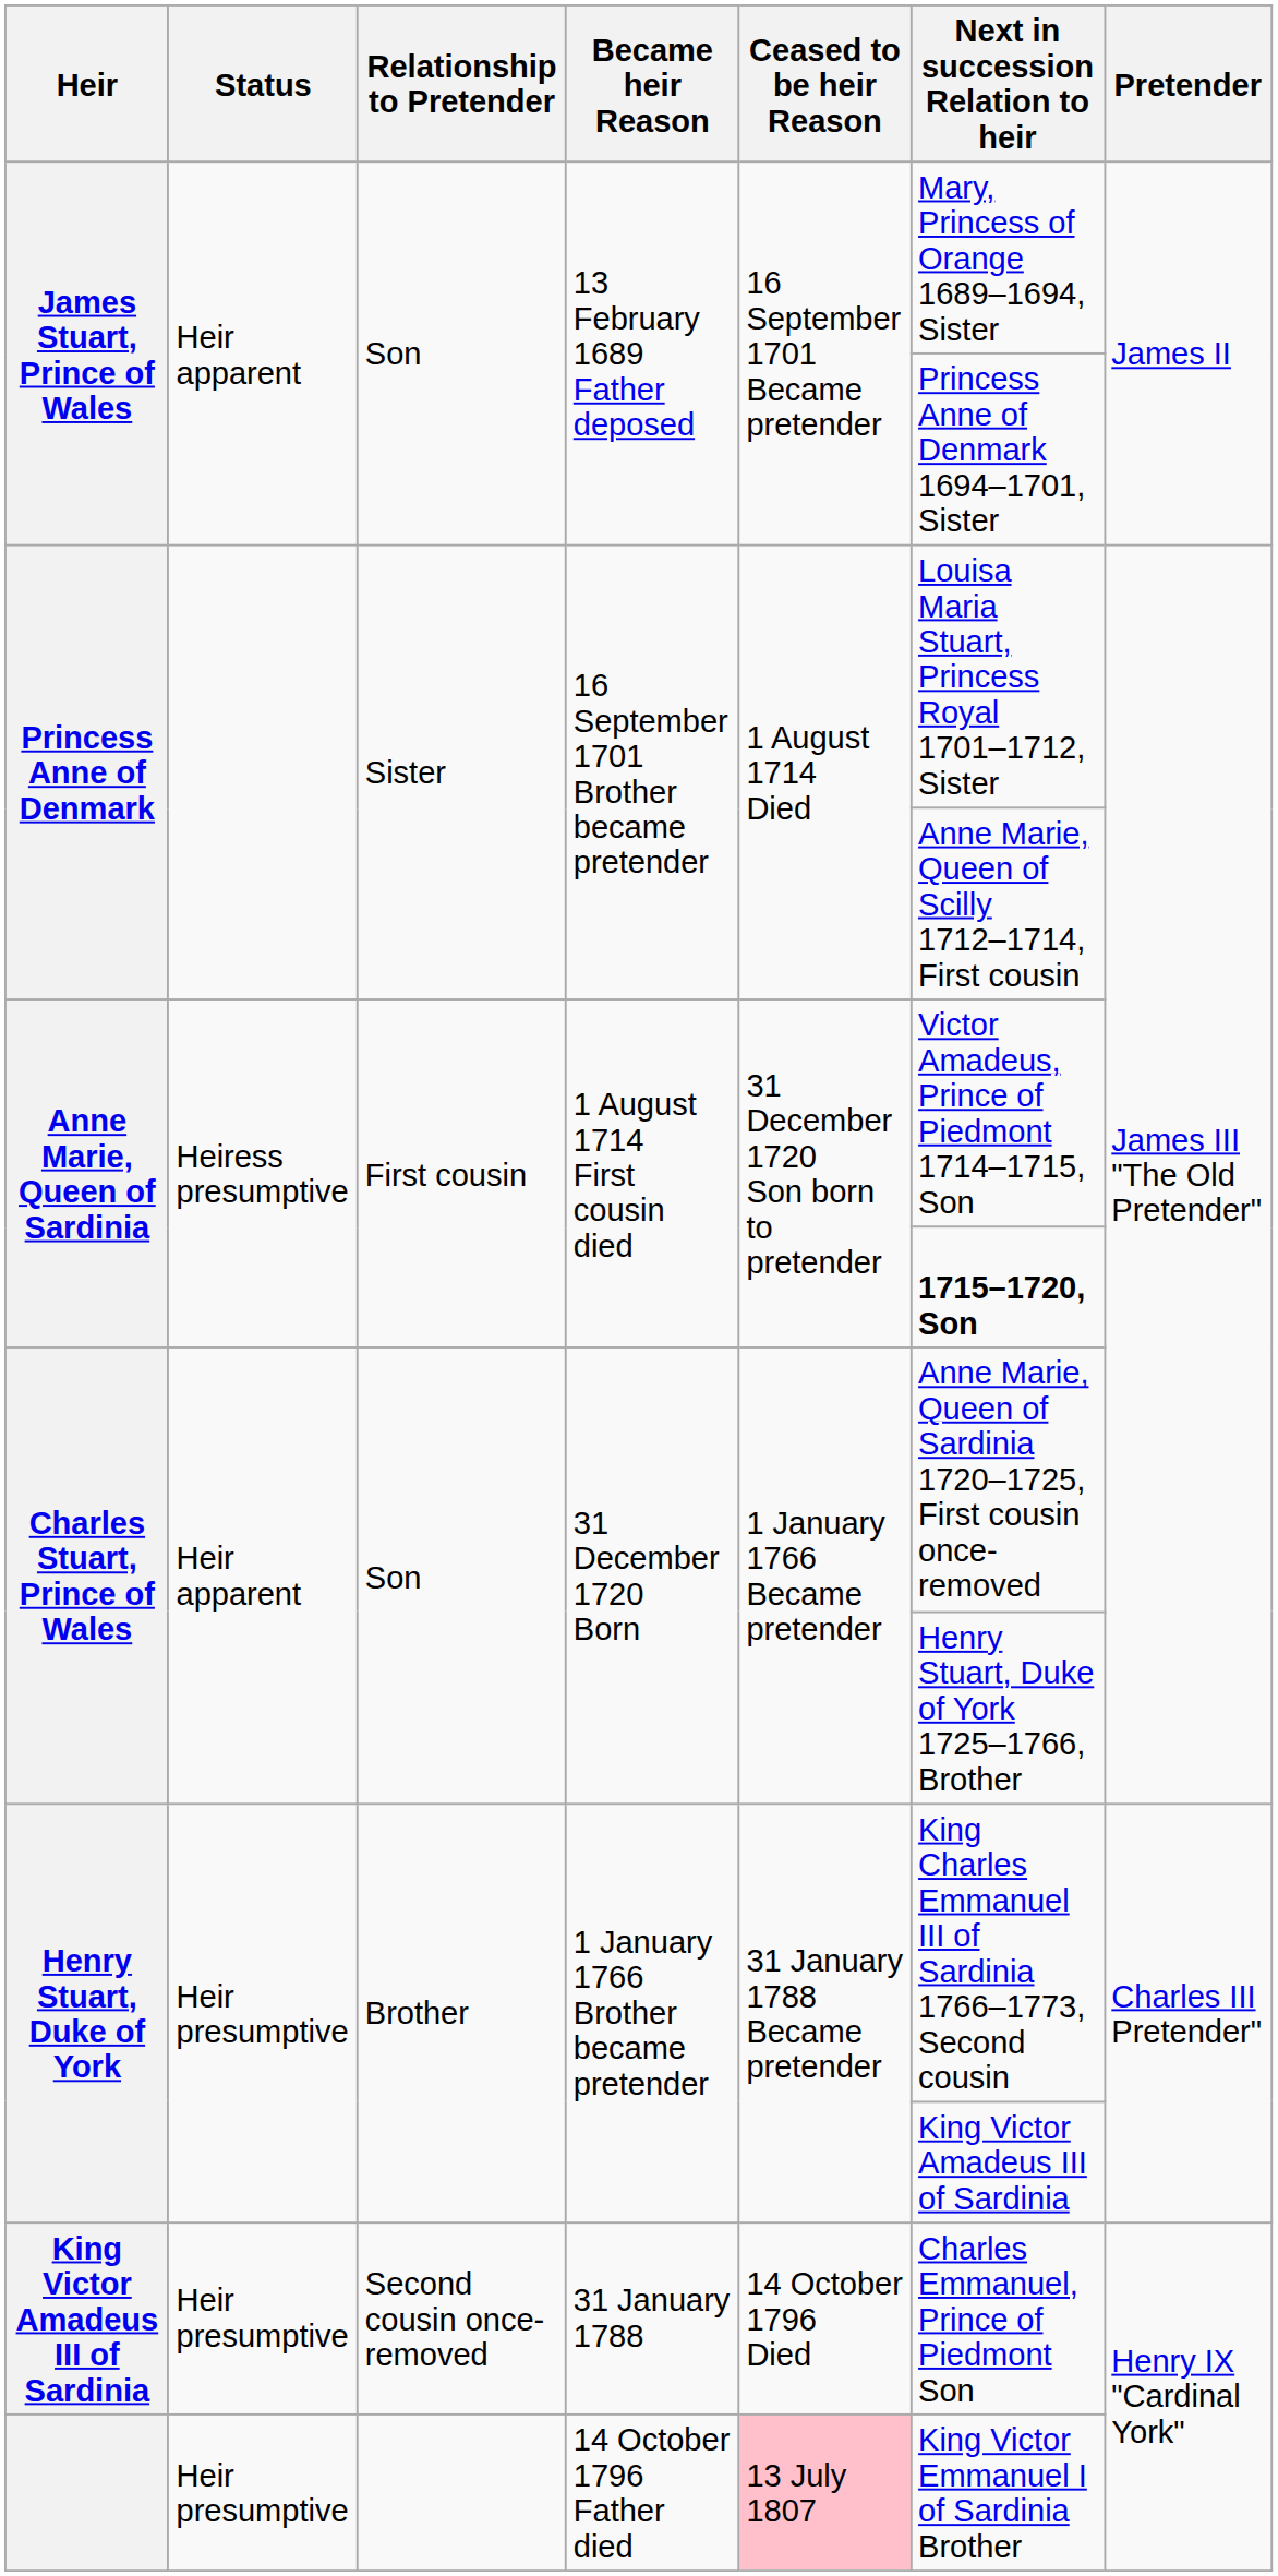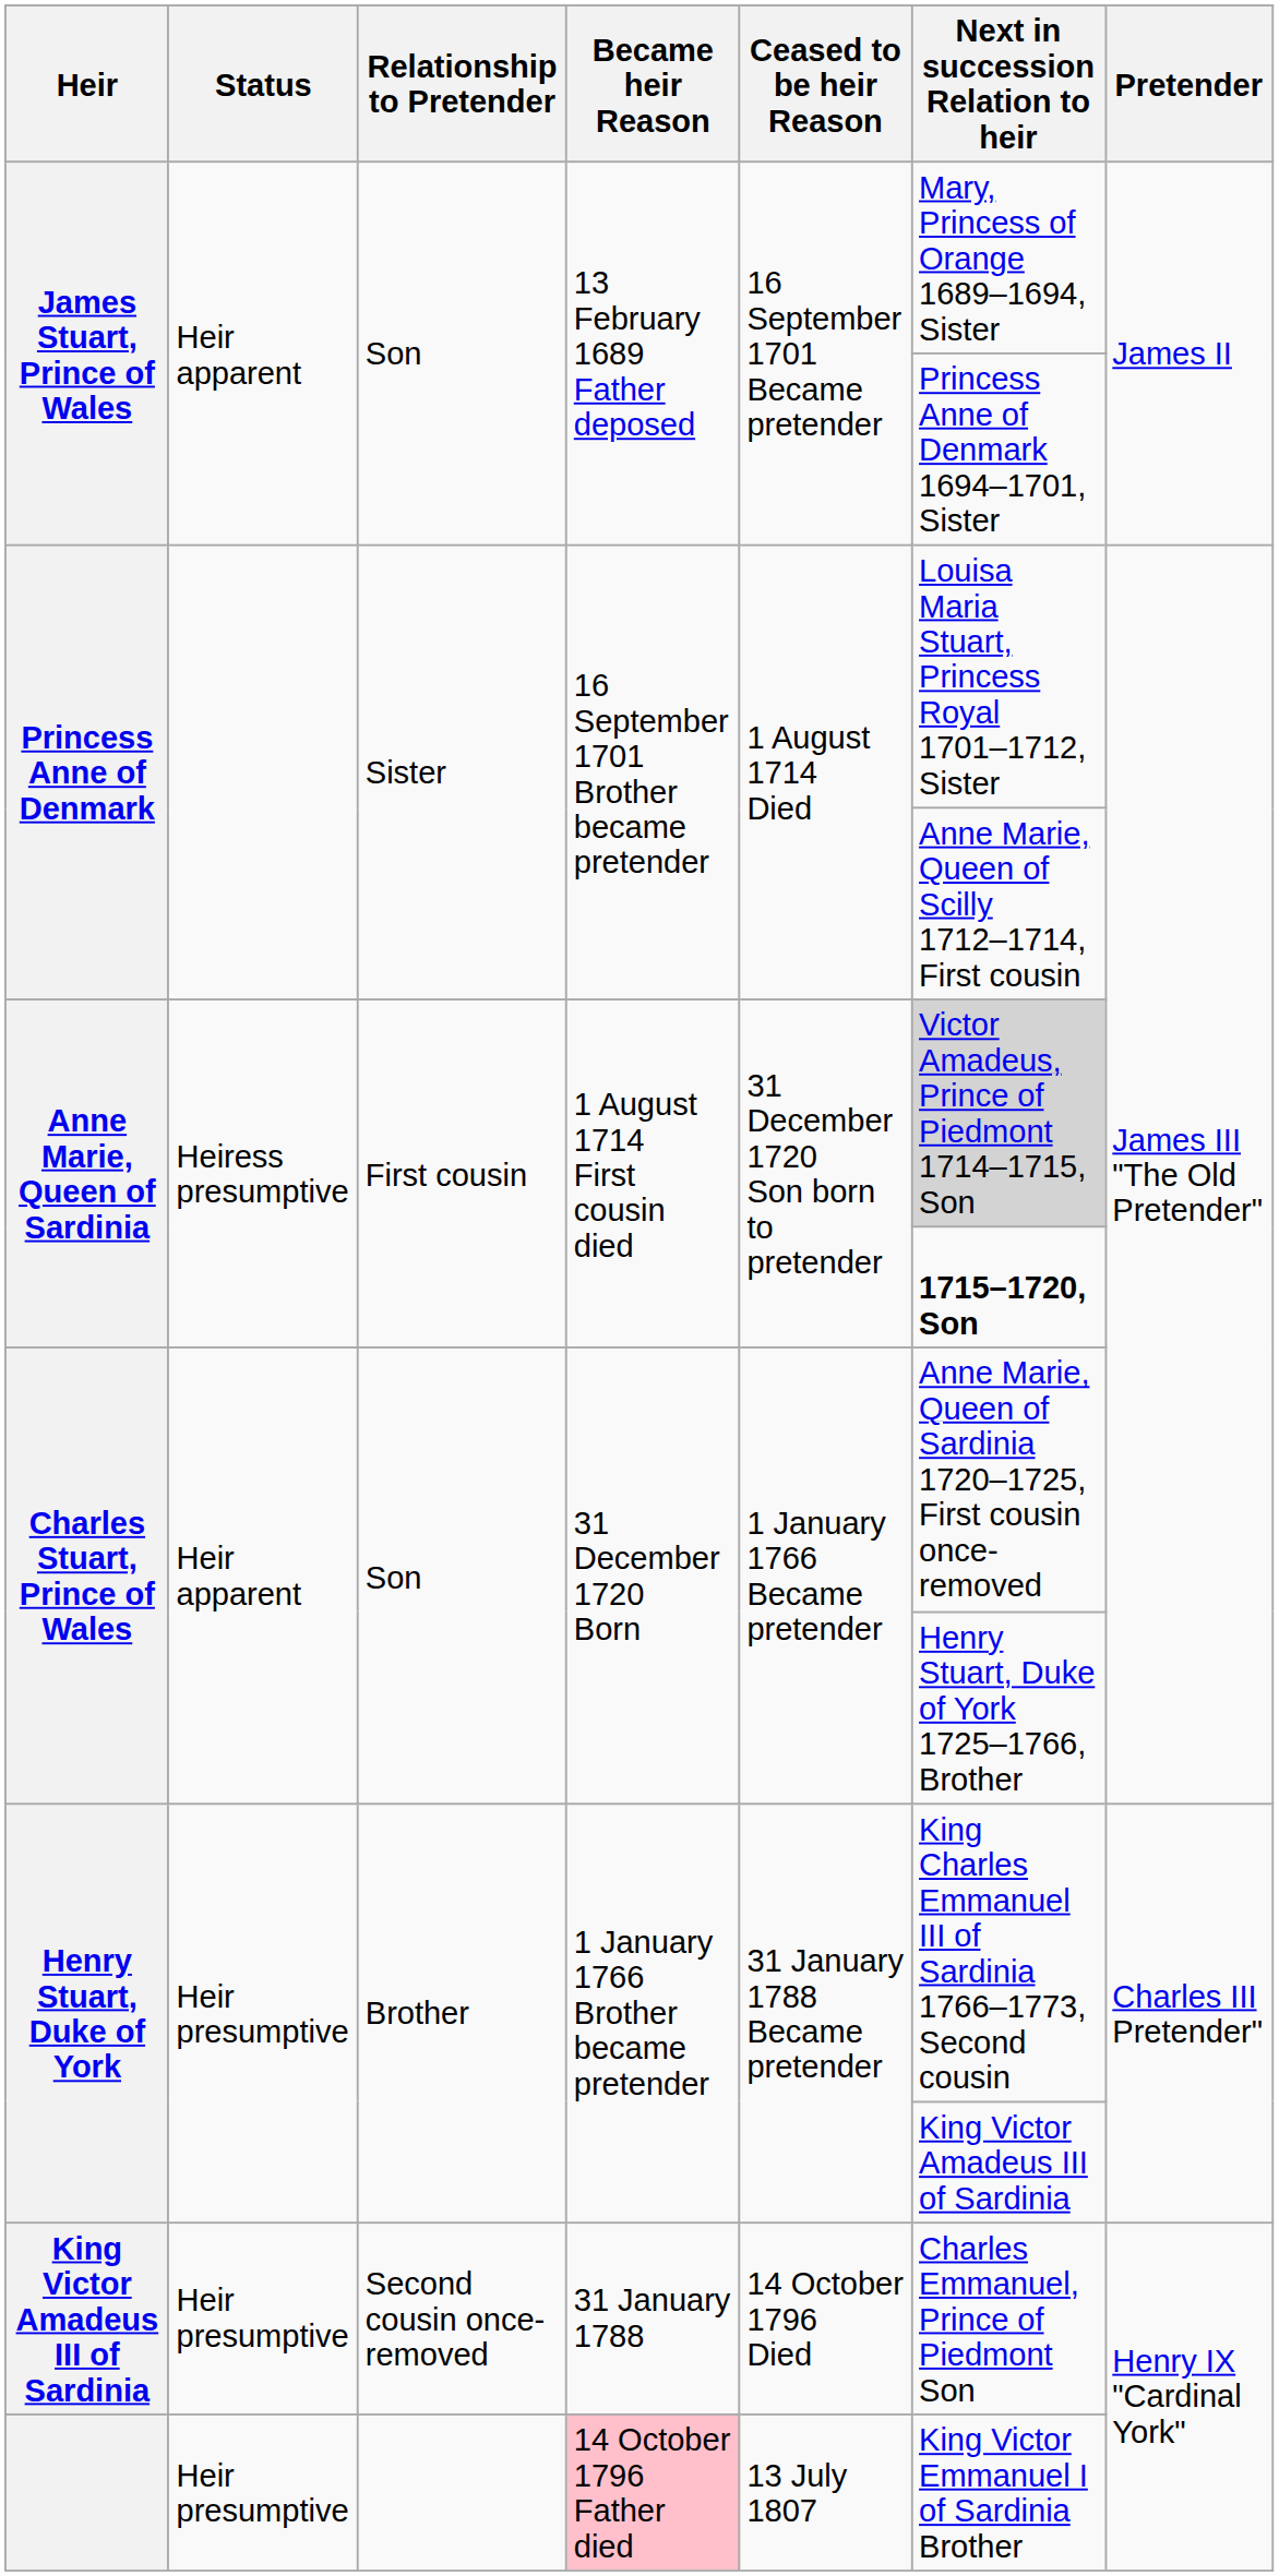 <table class="wikitable" style="font-size:95%">
 <tr>
 <th>Heir</th>
 <th>Status</th>
 <th>Relationship to Pretender</th>
 <th>Became heir<br>Reason</th>
 <th>Ceased to be heir<br>Reason</th>
 <th>Next in succession<br>Relation to heir</th>
 <th>Pretender</th>
 </tr>
 <tr>
 <th rowspan=2><a href='#'>James Stuart, Prince of Wales</a></th>
 <td rowspan=2>Heir apparent</td>
 <td rowspan=2>Son</td>
 <td rowspan=2>13 February 1689<br><a href='#'>Father deposed</a></td>
 <td rowspan=2>16 September 1701<br>Became pretender</td>
 <td><a href='#'>Mary, Princess of Orange</a><br>1689–1694, Sister</td>
 <td rowspan=2><a href='#'>James II</a></td>
 </tr>
 <tr>
 <td><a href='#'>Princess Anne of Denmark</a><br>1694–1701, Sister</td>
 </tr>
 <tr>
 <th rowspan=2><a href='#'>Princess Anne of Denmark</a></th>
 <td rowspan=2></td>
 <td rowspan=2>Sister</td>
 <td rowspan=2>16 September 1701<br>Brother became pretender</td>
 <td rowspan=2>1 August 1714<br>Died</td>
 <td><a href='#'>Louisa Maria Stuart, Princess Royal</a><br>1701–1712, Sister</td>
 <td rowspan=6><a href='#'>James III</a><br>"The Old Pretender"</td>
 </tr>
 <tr>
 <td><a href='#'>Anne Marie, Queen of Scilly</a><br>1712–1714, First cousin</td>
 </tr>
 <tr>
 <th rowspan=2><a href='#'>Anne Marie, Queen of Sardinia</a></th>
 <td rowspan=2>Heiress presumptive</td>
 <td rowspan=2>First cousin</td>
 <td rowspan=2>1 August 1714<br>First cousin died</td>
 <td rowspan=2>31 December 1720<br>Son born to pretender</td>
-<td><a href='#'>Victor Amadeus, Prince of Piedmont</a><br>1714–1715, Son</td>
+<td style="background: lightgrey;"><a href='#'>Victor Amadeus, Prince of Piedmont</a><br>1714–1715, Son</td>
 </tr>
 <tr>
 <td><strong><br>1715–1720, Son</strong></td>
 </tr>
 <tr>
 <th rowspan=2><a href='#'>Charles Stuart, Prince of Wales</a></th>
 <td rowspan=2>Heir apparent</td>
 <td rowspan=2>Son</td>
 <td rowspan=2>31 December 1720<br>Born</td>
 <td rowspan=2>1 January 1766<br>Became pretender</td>
 <td><a href='#'>Anne Marie, Queen of Sardinia</a><br>1720–1725, First cousin once-removed</td>
 </tr>
 <tr>
 <td><a href='#'>Henry Stuart, Duke of York</a><br>1725–1766, Brother</td>
 </tr>
 <tr>
 <th rowspan=2><a href='#'>Henry Stuart, Duke of York</a></th>
 <td rowspan=2>Heir presumptive</td>
 <td rowspan=2>Brother</td>
 <td rowspan=2>1 January 1766<br>Brother became pretender</td>
 <td rowspan=2>31 January 1788<br>Became pretender</td>
 <td><a href='#'>King Charles Emmanuel III of Sardinia</a><br>1766–1773, Second cousin</td>
 <td rowspan=2><a href='#'>Charles III</a><br> Pretender"</td>
 </tr>
 <tr>
 <td><a href='#'>King Victor Amadeus III of Sardinia</a><br></td>
 </tr>
 <tr>
 <th><a href='#'>King Victor Amadeus III of Sardinia</a></th>
 <td>Heir presumptive</td>
 <td>Second cousin once-removed</td>
 <td>31 January 1788<br></td>
 <td>14 October 1796<br>Died</td>
 <td><a href='#'>Charles Emmanuel, Prince of Piedmont</a><br>Son</td>
 <td rowspan=2><a href='#'>Henry IX</a><br>"Cardinal York"</td>
 </tr>
 <tr>
 <th></th>
 <td>Heir presumptive</td>
 <td></td>
-<td>14 October 1796<br>Father died</td>
-<td style="background: pink;">13 July 1807<br></td>
+<td style="background: pink;">14 October 1796<br>Father died</td>
+<td>13 July 1807<br></td>
 <td><a href='#'>King Victor Emmanuel I of Sardinia</a><br>Brother</td>
 </tr>
 </table>
